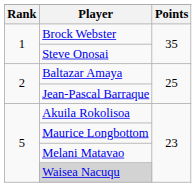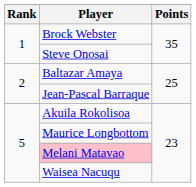 <table class="wikitable sortable">
 <tr>
 </tr>
 <tr>
 <th>Rank</th>
 <th>Player</th>
 <th>Points</th>
 </tr>
 <tr>
 <td align=center rowspan=2>1</td>
 <td> <a href='#'>Brock Webster</a></td>
 <td align=center rowspan=2>35</td>
 </tr>
 <tr>
 <td> <a href='#'>Steve Onosai</a></td>
 </tr>
 <tr>
 <td align=center rowspan=2>2</td>
 <td> <a href='#'>Baltazar Amaya</a></td>
 <td align=center rowspan=2>25</td>
 </tr>
 <tr>
 <td> <a href='#'>Jean-Pascal Barraque</a></td>
 </tr>
 <tr>
 <td align=center rowspan=4>5</td>
 <td> <a href='#'>Akuila Rokolisoa</a></td>
 <td align=center rowspan=4>23</td>
 </tr>
 <tr>
 <td> <a href='#'>Maurice Longbottom</a></td>
 </tr>
 <tr>
-<td> <a href='#'>Melani Matavao</a></td>
+<td style="background: pink;"> <a href='#'>Melani Matavao</a></td>
 </tr>
 <tr>
-<td style="background: lightgrey;"> <a href='#'>Waisea Nacuqu</a></td>
+<td> <a href='#'>Waisea Nacuqu</a></td>
 </tr>
 </table>
